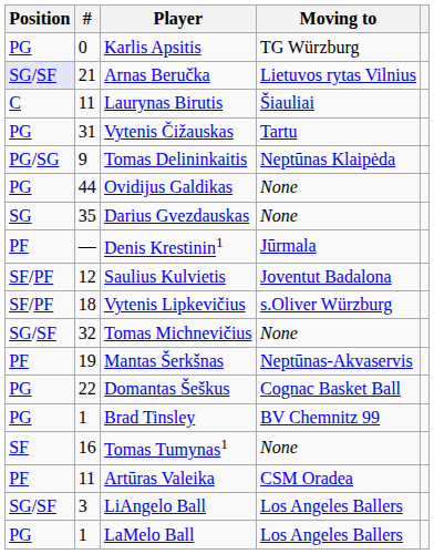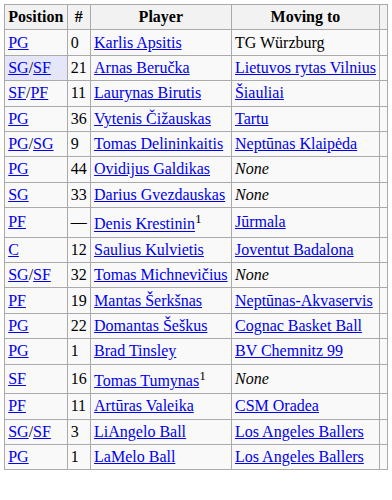 <table class="wikitable sortable" style="text-align: left;">
 <tr>
 <th>Position</th>
 <th>#</th>
 <th>Player</th>
 <th>Moving to</th>
 <th></th>
 </tr>
 <tr>
 <td><a href='#'>PG</a></td>
 <td>0</td>
 <td> <a href='#'>Karlis Apsitis</a></td>
 <td> TG Würzburg</td>
 <td></td>
 </tr>
 <tr>
 <td style="background: lavender;"><a href='#'>SG</a>/<a href='#'>SF</a></td>
 <td>21</td>
 <td> <a href='#'>Arnas Beručka</a></td>
 <td> <a href='#'>Lietuvos rytas Vilnius</a></td>
 <td></td>
 </tr>
 <tr>
-<td><a href='#'>C</a></td>
+<td><a href='#'>SF</a>/<a href='#'>PF</a></td>
 <td>11</td>
 <td> <a href='#'>Laurynas Birutis</a></td>
 <td> <a href='#'>Šiauliai</a></td>
 <td></td>
 </tr>
 <tr>
 <td><a href='#'>PG</a></td>
-<td>31</td>
+<td>36</td>
 <td> <a href='#'>Vytenis Čižauskas</a></td>
 <td> <a href='#'>Tartu</a></td>
 <td></td>
 </tr>
 <tr>
 <td><a href='#'>PG</a>/<a href='#'>SG</a></td>
 <td>9</td>
 <td> <a href='#'>Tomas Delininkaitis</a></td>
 <td> <a href='#'>Neptūnas Klaipėda</a></td>
 <td></td>
 </tr>
 <tr>
 <td><a href='#'>PG</a></td>
 <td>44</td>
 <td> <a href='#'>Ovidijus Galdikas</a></td>
 <td><em>None</em></td>
 <td></td>
 </tr>
 <tr>
 <td><a href='#'>SG</a></td>
-<td>35</td>
+<td>33</td>
 <td> <a href='#'>Darius Gvezdauskas</a></td>
 <td><em>None</em></td>
 <td></td>
 </tr>
 <tr>
 <td><a href='#'>PF</a></td>
 <td>—</td>
 <td> <a href='#'>Denis Krestinin</a><sup>1</sup></td>
 <td> <a href='#'>Jūrmala</a></td>
 <td></td>
 </tr>
 <tr>
-<td><a href='#'>SF</a>/<a href='#'>PF</a></td>
+<td><a href='#'>C</a></td>
 <td>12</td>
 <td> <a href='#'>Saulius Kulvietis</a></td>
 <td> <a href='#'>Joventut Badalona</a></td>
-<td></td>
-</tr>
-<tr>
-<td><a href='#'>SF</a>/<a href='#'>PF</a></td>
-<td>18</td>
-<td> <a href='#'>Vytenis Lipkevičius</a></td>
-<td> <a href='#'>s.Oliver Würzburg</a></td>
 <td></td>
 </tr>
 <tr>
 <td><a href='#'>SG</a>/<a href='#'>SF</a></td>
 <td>32</td>
 <td> <a href='#'>Tomas Michnevičius</a></td>
 <td><em>None</em></td>
 <td></td>
 </tr>
 <tr>
 <td><a href='#'>PF</a></td>
 <td>19</td>
 <td> <a href='#'>Mantas Šerkšnas</a></td>
 <td> <a href='#'>Neptūnas-Akvaservis</a></td>
 <td></td>
 </tr>
 <tr>
 <td><a href='#'>PG</a></td>
 <td>22</td>
 <td> <a href='#'>Domantas Šeškus</a></td>
 <td> <a href='#'>Cognac Basket Ball</a></td>
 <td></td>
 </tr>
 <tr>
 <td><a href='#'>PG</a></td>
 <td>1</td>
 <td> <a href='#'>Brad Tinsley</a></td>
 <td> <a href='#'>BV Chemnitz 99</a></td>
 <td></td>
 </tr>
 <tr>
 <td><a href='#'>SF</a></td>
 <td>16</td>
 <td> <a href='#'>Tomas Tumynas</a><sup>1</sup></td>
 <td><em>None</em></td>
 <td></td>
 </tr>
 <tr>
 <td><a href='#'>PF</a></td>
 <td>11</td>
 <td> <a href='#'>Artūras Valeika</a></td>
 <td> <a href='#'>CSM Oradea</a></td>
 <td></td>
 </tr>
 <tr>
 <td><a href='#'>SG</a>/<a href='#'>SF</a></td>
 <td>3</td>
 <td> <a href='#'>LiAngelo Ball</a></td>
 <td> <a href='#'>Los Angeles Ballers</a></td>
 <td></td>
 </tr>
 <tr>
 <td><a href='#'>PG</a></td>
 <td>1</td>
 <td> <a href='#'>LaMelo Ball</a></td>
 <td> <a href='#'>Los Angeles Ballers</a></td>
 <td></td>
 </tr>
 </table>
